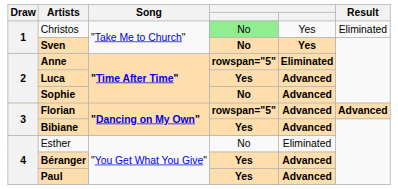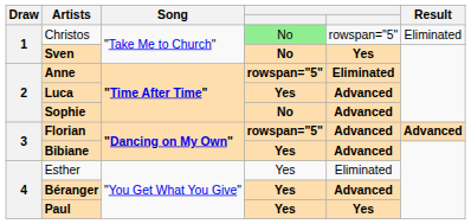 <table class="wikitable sortable plainrowheaders" style="margin: 1em auto 1em; font-size:90%; text-align:center;">
 <tr>
 <th rowspan="2">Draw</th>
 <th rowspan="2">Artists</th>
 <th rowspan="2">Song</th>
 <th colspan="2"></th>
 <th rowspan="2">Result</th>
 </tr>
 <tr>
 <th></th>
 <th></th>
 </tr>
 <tr>
 <th scope="row" style="text-align:center" rowspan="2">1</th>
 <td align="left">Christos</td>
 <td align="left" rowspan="2">"<a href='#'>Take Me to Church</a>"</td>
 <td style="background: lightgreen;">No</td>
-<td>Yes</td>
+<td>rowspan="5" </td>
 <td>Eliminated</td>
 </tr>
 <tr style="font-weight:bold; background:navajowhite;">
 <td align="left">Sven</td>
 <td>No</td>
 <td>Yes</td>
 </tr>
 <tr style="font-weight:bold; background:navajowhite;">
 <th scope="row" style="text-align:center" rowspan="3">2</th>
 <td align="left">Anne</td>
 <td align="left" rowspan="3">"<a href='#'>Time After Time</a>"</td>
 <td>rowspan="5" </td>
 <td>Eliminated</td>
 </tr>
 <tr style="font-weight:bold; background:navajowhite;">
 <td align="left">Luca</td>
 <td>Yes</td>
 <td>Advanced</td>
 </tr>
 <tr style="font-weight:bold; background:navajowhite;">
 <td align="left">Sophie</td>
 <td>No</td>
 <td>Advanced</td>
 </tr>
 <tr style="font-weight:bold; background:navajowhite;">
 <th scope="row" style="text-align:center" rowspan="2">3</th>
 <td align="left">Florian</td>
 <td align="left" rowspan="2">"<a href='#'>Dancing on My Own</a>"</td>
 <td>rowspan="5" </td>
 <td>Advanced</td>
 <td>Advanced</td>
 </tr>
 <tr style="font-weight:bold; background:navajowhite;">
 <td align="left">Bibiane</td>
 <td>Yes</td>
 <td>Advanced</td>
 </tr>
 <tr>
 <th scope="row" style="text-align:center" rowspan="3">4</th>
 <td align="left">Esther</td>
 <td align="left" rowspan="3">"<a href='#'>You Get What You Give</a>"</td>
-<td>No</td>
+<td>Yes</td>
 <td>Eliminated</td>
 </tr>
 <tr style="font-weight:bold; background:navajowhite;">
 <td align="left">Béranger</td>
 <td>Yes</td>
 <td>Advanced</td>
 </tr>
 <tr style="font-weight:bold; background:navajowhite;">
 <td align="left">Paul</td>
 <td>Yes</td>
-<td>Advanced</td>
+<td>Yes</td>
 </tr>
 </table>
